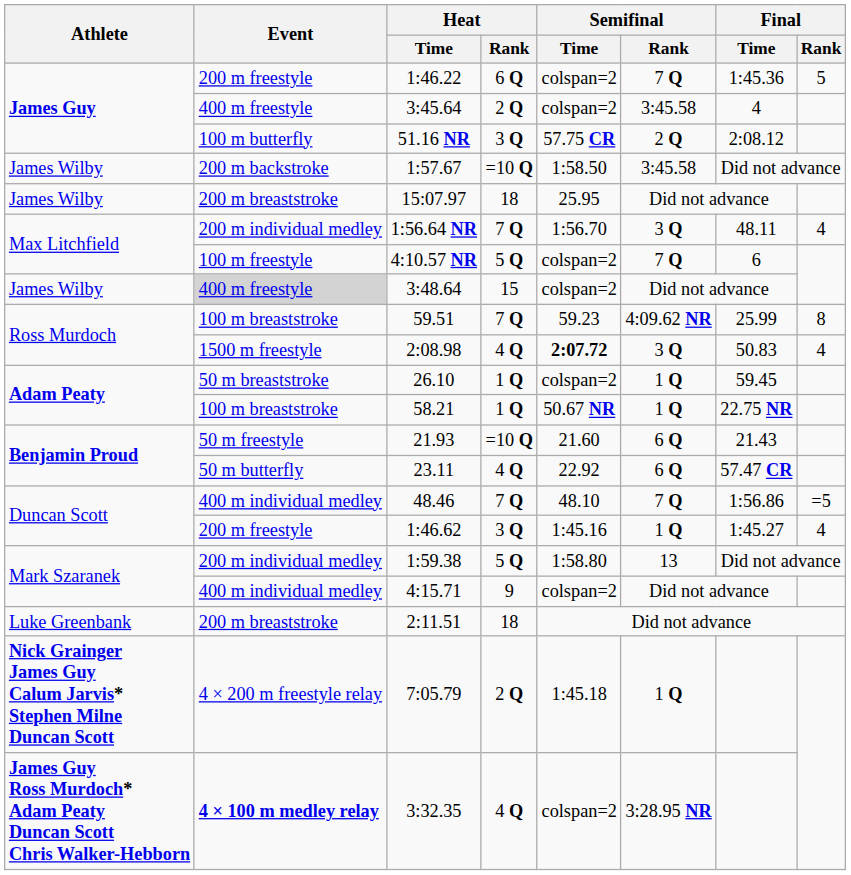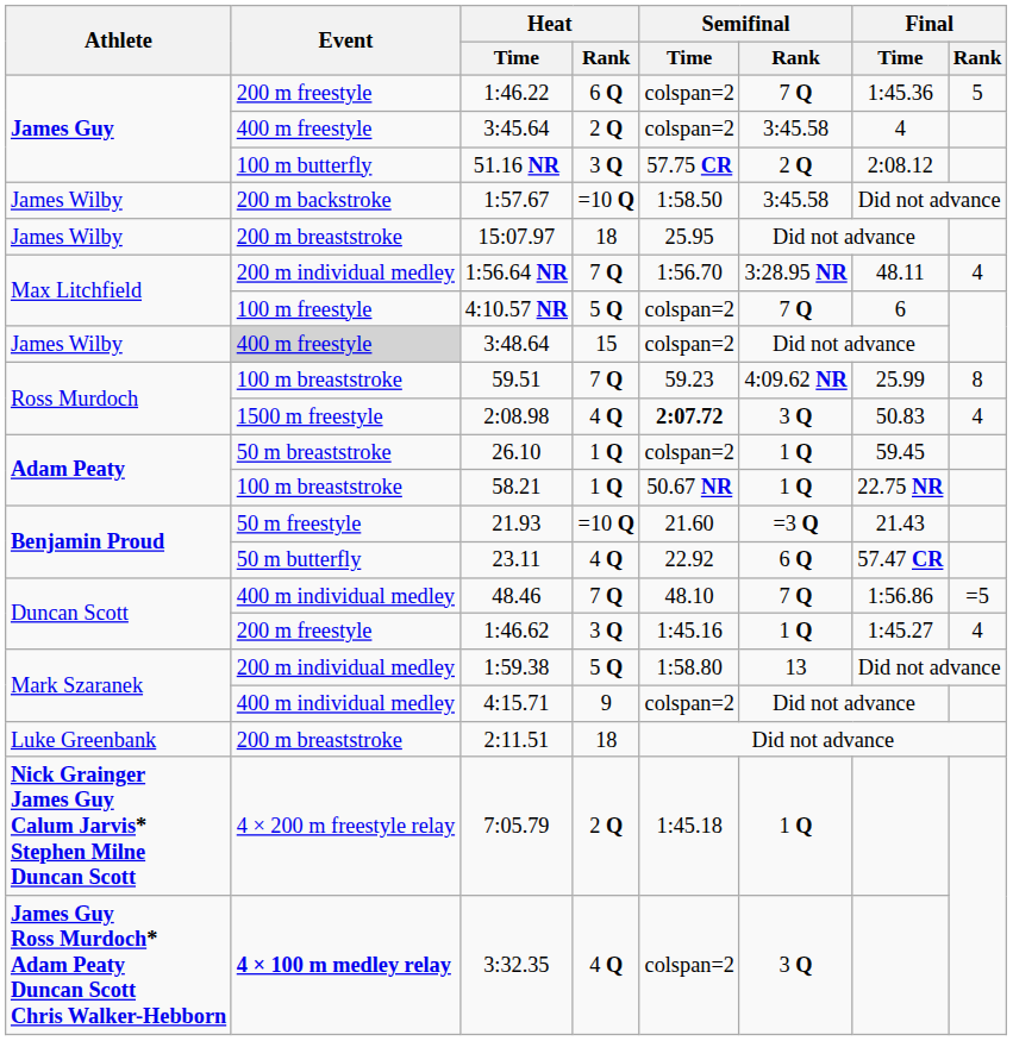 <table class=wikitable style="font-size:90%">
 <tr>
 <th rowspan="2">Athlete</th>
 <th rowspan="2">Event</th>
 <th colspan="2">Heat</th>
 <th colspan="2">Semifinal</th>
 <th colspan="2">Final</th>
 </tr>
 <tr style="font-size:95%">
 <th>Time</th>
 <th>Rank</th>
 <th>Time</th>
 <th>Rank</th>
 <th>Time</th>
 <th>Rank</th>
 </tr>
 <tr align=center>
 <td align=left rowspan=3><strong><a href='#'>James Guy</a></strong></td>
 <td align=left><a href='#'>200 m freestyle</a></td>
 <td>1:46.22</td>
 <td>6 <strong>Q</strong></td>
 <td>colspan=2 </td>
 <td>7 <strong>Q</strong></td>
 <td>1:45.36</td>
 <td>5</td>
 </tr>
 <tr align=center>
 <td align=left><a href='#'>400 m freestyle</a></td>
 <td>3:45.64</td>
 <td>2 <strong>Q</strong></td>
 <td>colspan=2 </td>
 <td>3:45.58</td>
 <td>4</td>
 </tr>
 <tr align=center>
 <td align=left><a href='#'>100 m butterfly</a></td>
 <td>51.16 <strong><a href='#'>NR</a></strong></td>
 <td>3 <strong>Q</strong></td>
 <td>57.75 <strong><a href='#'>CR</a></strong></td>
 <td>2 <strong>Q</strong></td>
 <td>2:08.12</td>
 <td></td>
 </tr>
 <tr align=center>
 <td align=left><a href='#'>James Wilby</a></td>
 <td align=left><a href='#'>200 m backstroke</a></td>
 <td>1:57.67</td>
 <td>=10 <strong>Q</strong></td>
 <td>1:58.50</td>
 <td>3:45.58</td>
 <td colspan=2>Did not advance</td>
 </tr>
 <tr align=center>
 <td align=left><a href='#'>James Wilby</a></td>
 <td align=left><a href='#'>200 m breaststroke</a></td>
 <td>15:07.97</td>
 <td>18</td>
 <td>25.95 </td>
 <td colspan=2>Did not advance</td>
 </tr>
 <tr align=center>
 <td align=left rowspan=2><a href='#'>Max Litchfield</a></td>
 <td align=left><a href='#'>200 m individual medley</a></td>
 <td>1:56.64 <strong><a href='#'>NR</a></strong></td>
 <td>7 <strong>Q</strong></td>
 <td>1:56.70</td>
-<td>3 <strong>Q</strong></td>
+<td>3:28.95 <strong><a href='#'>NR</a></strong></td>
 <td>48.11</td>
 <td>4</td>
 </tr>
 <tr align=center>
 <td align=left><a href='#'>100 m freestyle</a></td>
 <td>4:10.57 <strong><a href='#'>NR</a></strong></td>
 <td>5 <strong>Q</strong></td>
 <td>colspan=2 </td>
 <td>7 <strong>Q</strong></td>
 <td>6</td>
 </tr>
 <tr align=center>
 <td align=left><a href='#'>James Wilby</a></td>
 <td align=left style="background: lightgrey;"><a href='#'>400 m freestyle</a></td>
 <td>3:48.64</td>
 <td>15</td>
 <td>colspan=2 </td>
 <td colspan=2>Did not advance</td>
 </tr>
 <tr align=center>
 <td align=left rowspan=2><a href='#'>Ross Murdoch</a></td>
 <td align=left><a href='#'>100 m breaststroke</a></td>
 <td>59.51</td>
 <td>7 <strong>Q</strong></td>
 <td>59.23</td>
 <td>4:09.62 <strong><a href='#'>NR</a></strong></td>
 <td>25.99</td>
 <td>8</td>
 </tr>
 <tr align=center>
 <td align=left><a href='#'>1500 m freestyle</a></td>
 <td>2:08.98</td>
 <td>4 <strong>Q</strong></td>
 <td><strong>2:07.72</strong></td>
 <td>3 <strong>Q</strong></td>
 <td>50.83</td>
 <td>4</td>
 </tr>
 <tr align=center>
 <td align=left rowspan=2><strong><a href='#'>Adam Peaty</a></strong></td>
 <td align=left><a href='#'>50 m breaststroke</a></td>
 <td>26.10 </td>
 <td>1 <strong>Q</strong></td>
 <td>colspan=2 </td>
 <td>1 <strong>Q</strong></td>
 <td>59.45</td>
 <td></td>
 </tr>
 <tr align=center>
 <td align=left><a href='#'>100 m breaststroke</a></td>
 <td>58.21</td>
 <td>1 <strong>Q</strong></td>
 <td>50.67 <strong><a href='#'>NR</a></strong></td>
 <td>1 <strong>Q</strong></td>
 <td>22.75 <strong><a href='#'>NR</a></strong></td>
 <td></td>
 </tr>
 <tr align=center>
 <td align=left rowspan=2><strong><a href='#'>Benjamin Proud</a></strong></td>
 <td align=left><a href='#'>50 m freestyle</a></td>
 <td>21.93</td>
 <td>=10 <strong>Q</strong></td>
 <td>21.60</td>
-<td>6 <strong>Q</strong></td>
+<td>=3 <strong>Q</strong></td>
 <td>21.43</td>
 <td></td>
 </tr>
 <tr align=center>
 <td align=left><a href='#'>50 m butterfly</a></td>
 <td>23.11</td>
 <td>4 <strong>Q</strong></td>
 <td>22.92</td>
 <td>6 <strong>Q</strong></td>
 <td>57.47 <strong><a href='#'>CR</a></strong></td>
 <td></td>
 </tr>
 <tr align=center>
 <td align=left rowspan=2><a href='#'>Duncan Scott</a></td>
 <td align=left><a href='#'>400 m individual medley</a></td>
 <td>48.46</td>
 <td>7 <strong>Q</strong></td>
 <td>48.10</td>
 <td>7 <strong>Q</strong></td>
 <td>1:56.86</td>
 <td>=5</td>
 </tr>
 <tr align=center>
 <td align=left><a href='#'>200 m freestyle</a></td>
 <td>1:46.62</td>
 <td>3 <strong>Q</strong></td>
 <td>1:45.16</td>
 <td>1 <strong>Q</strong></td>
 <td>1:45.27</td>
 <td>4</td>
 </tr>
 <tr align=center>
 <td align=left rowspan=2><a href='#'>Mark Szaranek</a></td>
 <td align=left><a href='#'>200 m individual medley</a></td>
 <td>1:59.38</td>
 <td>5 <strong>Q</strong></td>
 <td>1:58.80</td>
 <td>13</td>
 <td colspan=2>Did not advance</td>
 </tr>
 <tr align=center>
 <td align=left><a href='#'>400 m individual medley</a></td>
 <td>4:15.71</td>
 <td>9</td>
 <td>colspan=2 </td>
 <td colspan=2>Did not advance</td>
 </tr>
 <tr align=center>
 <td align=left><a href='#'>Luke Greenbank</a></td>
 <td align=left><a href='#'>200 m breaststroke</a></td>
 <td>2:11.51</td>
 <td>18</td>
 <td colspan=4>Did not advance</td>
 </tr>
 <tr align=center>
 <td align=left><strong><a href='#'>Nick Grainger</a><br><a href='#'>James Guy</a><br><a href='#'>Calum Jarvis</a>*<br><a href='#'>Stephen Milne</a><br><a href='#'>Duncan Scott</a></strong></td>
 <td align=left><a href='#'>4 × 200 m freestyle relay</a></td>
 <td>7:05.79</td>
 <td>2 <strong>Q</strong></td>
 <td>1:45.18</td>
 <td>1 <strong>Q</strong></td>
 <td></td>
 </tr>
 <tr align=center>
 <td align=left><strong><a href='#'>James Guy</a><br><a href='#'>Ross Murdoch</a>*<br><a href='#'>Adam Peaty</a><br><a href='#'>Duncan Scott</a><br><a href='#'>Chris Walker-Hebborn</a></strong></td>
 <td align=left><strong><a href='#'>4 × 100 m medley relay</a></strong></td>
 <td>3:32.35</td>
 <td>4 <strong>Q</strong></td>
 <td>colspan=2 </td>
-<td>3:28.95 <strong><a href='#'>NR</a></strong></td>
+<td>3 <strong>Q</strong></td>
 <td></td>
 </tr>
 </table>
